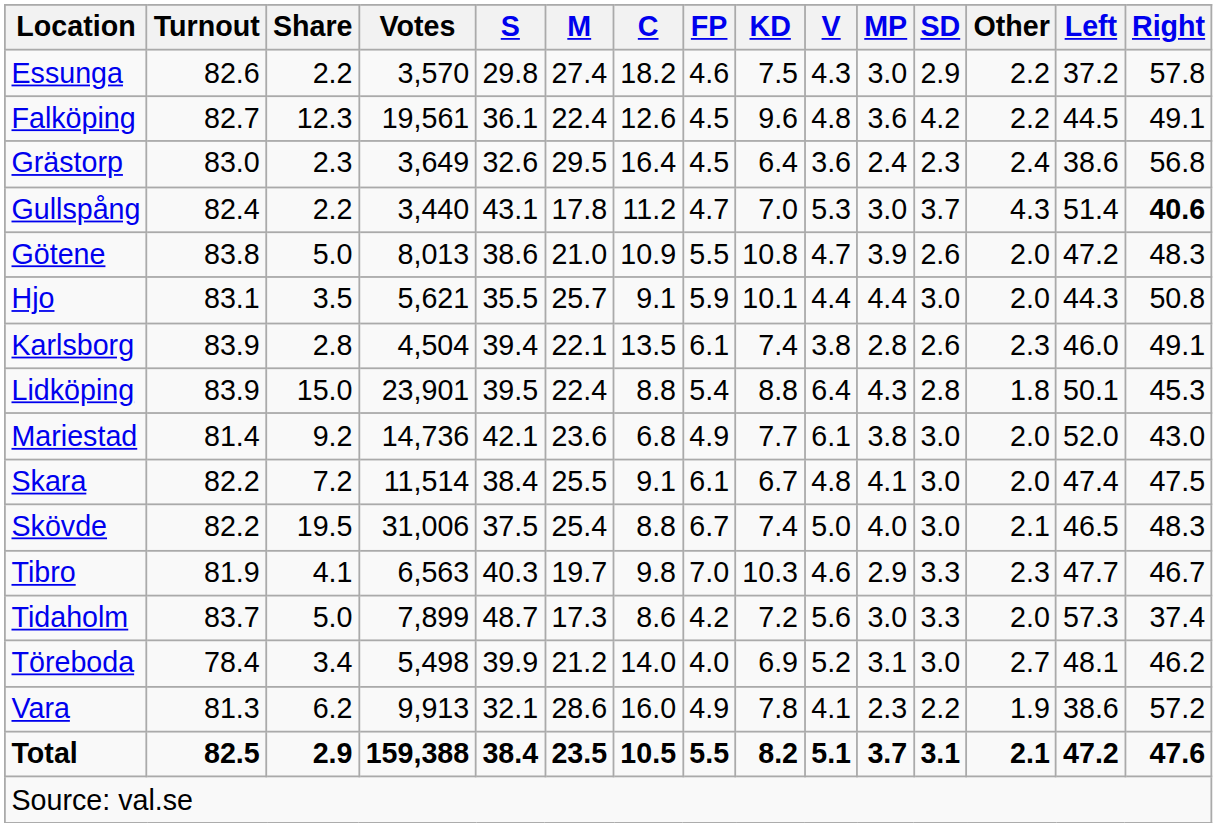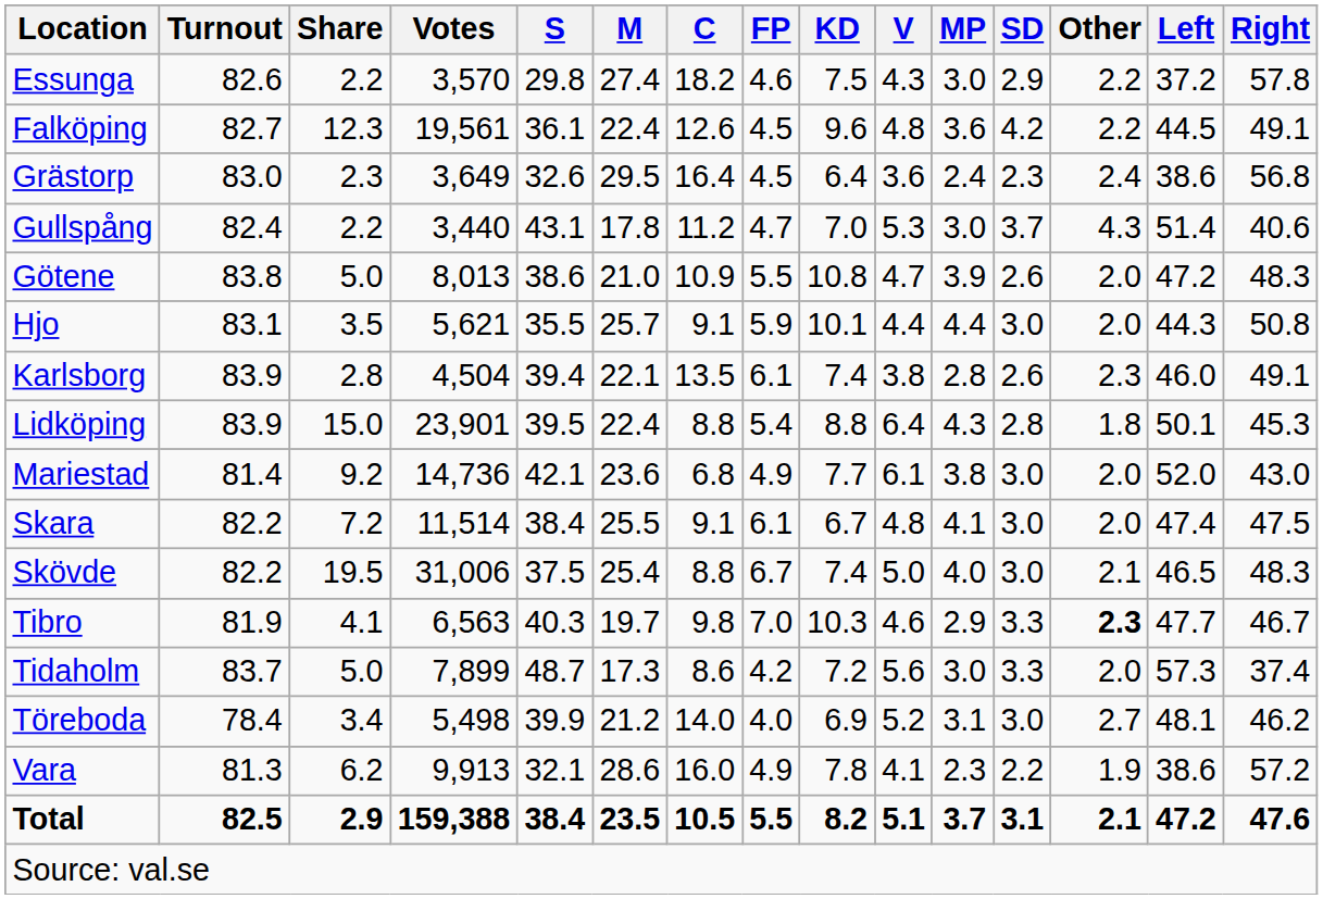 <table class="wikitable sortable" style=text-align:right>
 <tr>
 <th>Location</th>
 <th>Turnout</th>
 <th>Share</th>
 <th>Votes</th>
 <th><a href='#'>S</a></th>
 <th><a href='#'>M</a></th>
 <th><a href='#'>C</a></th>
 <th><a href='#'>FP</a></th>
 <th><a href='#'>KD</a></th>
 <th><a href='#'>V</a></th>
 <th><a href='#'>MP</a></th>
 <th><a href='#'>SD</a></th>
 <th>Other</th>
 <th><a href='#'>Left</a></th>
 <th><a href='#'>Right</a></th>
 </tr>
 <tr>
 <td align=left><a href='#'>Essunga</a></td>
 <td>82.6</td>
 <td>2.2</td>
 <td>3,570</td>
 <td>29.8</td>
 <td>27.4</td>
 <td>18.2</td>
 <td>4.6</td>
 <td>7.5</td>
 <td>4.3</td>
 <td>3.0</td>
 <td>2.9</td>
 <td>2.2</td>
 <td>37.2</td>
 <td>57.8</td>
 </tr>
 <tr>
 <td align=left><a href='#'>Falköping</a></td>
 <td>82.7</td>
 <td>12.3</td>
 <td>19,561</td>
 <td>36.1</td>
 <td>22.4</td>
 <td>12.6</td>
 <td>4.5</td>
 <td>9.6</td>
 <td>4.8</td>
 <td>3.6</td>
 <td>4.2</td>
 <td>2.2</td>
 <td>44.5</td>
 <td>49.1</td>
 </tr>
 <tr>
 <td align=left><a href='#'>Grästorp</a></td>
 <td>83.0</td>
 <td>2.3</td>
 <td>3,649</td>
 <td>32.6</td>
 <td>29.5</td>
 <td>16.4</td>
 <td>4.5</td>
 <td>6.4</td>
 <td>3.6</td>
 <td>2.4</td>
 <td>2.3</td>
 <td>2.4</td>
 <td>38.6</td>
 <td>56.8</td>
 </tr>
 <tr>
 <td align=left><a href='#'>Gullspång</a></td>
 <td>82.4</td>
 <td>2.2</td>
 <td>3,440</td>
 <td>43.1</td>
 <td>17.8</td>
 <td>11.2</td>
 <td>4.7</td>
 <td>7.0</td>
 <td>5.3</td>
 <td>3.0</td>
 <td>3.7</td>
 <td>4.3</td>
 <td>51.4</td>
-<td><strong>40.6</strong></td>
+<td>40.6</td>
 </tr>
 <tr>
 <td align=left><a href='#'>Götene</a></td>
 <td>83.8</td>
 <td>5.0</td>
 <td>8,013</td>
 <td>38.6</td>
 <td>21.0</td>
 <td>10.9</td>
 <td>5.5</td>
 <td>10.8</td>
 <td>4.7</td>
 <td>3.9</td>
 <td>2.6</td>
 <td>2.0</td>
 <td>47.2</td>
 <td>48.3</td>
 </tr>
 <tr>
 <td align=left><a href='#'>Hjo</a></td>
 <td>83.1</td>
 <td>3.5</td>
 <td>5,621</td>
 <td>35.5</td>
 <td>25.7</td>
 <td>9.1</td>
 <td>5.9</td>
 <td>10.1</td>
 <td>4.4</td>
 <td>4.4</td>
 <td>3.0</td>
 <td>2.0</td>
 <td>44.3</td>
 <td>50.8</td>
 </tr>
 <tr>
 <td align=left><a href='#'>Karlsborg</a></td>
 <td>83.9</td>
 <td>2.8</td>
 <td>4,504</td>
 <td>39.4</td>
 <td>22.1</td>
 <td>13.5</td>
 <td>6.1</td>
 <td>7.4</td>
 <td>3.8</td>
 <td>2.8</td>
 <td>2.6</td>
 <td>2.3</td>
 <td>46.0</td>
 <td>49.1</td>
 </tr>
 <tr>
 <td align=left><a href='#'>Lidköping</a></td>
 <td>83.9</td>
 <td>15.0</td>
 <td>23,901</td>
 <td>39.5</td>
 <td>22.4</td>
 <td>8.8</td>
 <td>5.4</td>
 <td>8.8</td>
 <td>6.4</td>
 <td>4.3</td>
 <td>2.8</td>
 <td>1.8</td>
 <td>50.1</td>
 <td>45.3</td>
 </tr>
 <tr>
 <td align=left><a href='#'>Mariestad</a></td>
 <td>81.4</td>
 <td>9.2</td>
 <td>14,736</td>
 <td>42.1</td>
 <td>23.6</td>
 <td>6.8</td>
 <td>4.9</td>
 <td>7.7</td>
 <td>6.1</td>
 <td>3.8</td>
 <td>3.0</td>
 <td>2.0</td>
 <td>52.0</td>
 <td>43.0</td>
 </tr>
 <tr>
 <td align=left><a href='#'>Skara</a></td>
 <td>82.2</td>
 <td>7.2</td>
 <td>11,514</td>
 <td>38.4</td>
 <td>25.5</td>
 <td>9.1</td>
 <td>6.1</td>
 <td>6.7</td>
 <td>4.8</td>
 <td>4.1</td>
 <td>3.0</td>
 <td>2.0</td>
 <td>47.4</td>
 <td>47.5</td>
 </tr>
 <tr>
 <td align=left><a href='#'>Skövde</a></td>
 <td>82.2</td>
 <td>19.5</td>
 <td>31,006</td>
 <td>37.5</td>
 <td>25.4</td>
 <td>8.8</td>
 <td>6.7</td>
 <td>7.4</td>
 <td>5.0</td>
 <td>4.0</td>
 <td>3.0</td>
 <td>2.1</td>
 <td>46.5</td>
 <td>48.3</td>
 </tr>
 <tr>
 <td align=left><a href='#'>Tibro</a></td>
 <td>81.9</td>
 <td>4.1</td>
 <td>6,563</td>
 <td>40.3</td>
 <td>19.7</td>
 <td>9.8</td>
 <td>7.0</td>
 <td>10.3</td>
 <td>4.6</td>
 <td>2.9</td>
 <td>3.3</td>
-<td>2.3</td>
+<td><strong>2.3</strong></td>
 <td>47.7</td>
 <td>46.7</td>
 </tr>
 <tr>
 <td align=left><a href='#'>Tidaholm</a></td>
 <td>83.7</td>
 <td>5.0</td>
 <td>7,899</td>
 <td>48.7</td>
 <td>17.3</td>
 <td>8.6</td>
 <td>4.2</td>
 <td>7.2</td>
 <td>5.6</td>
 <td>3.0</td>
 <td>3.3</td>
 <td>2.0</td>
 <td>57.3</td>
 <td>37.4</td>
 </tr>
 <tr>
 <td align=left><a href='#'>Töreboda</a></td>
 <td>78.4</td>
 <td>3.4</td>
 <td>5,498</td>
 <td>39.9</td>
 <td>21.2</td>
 <td>14.0</td>
 <td>4.0</td>
 <td>6.9</td>
 <td>5.2</td>
 <td>3.1</td>
 <td>3.0</td>
 <td>2.7</td>
 <td>48.1</td>
 <td>46.2</td>
 </tr>
 <tr>
 <td align=left><a href='#'>Vara</a></td>
 <td>81.3</td>
 <td>6.2</td>
 <td>9,913</td>
 <td>32.1</td>
 <td>28.6</td>
 <td>16.0</td>
 <td>4.9</td>
 <td>7.8</td>
 <td>4.1</td>
 <td>2.3</td>
 <td>2.2</td>
 <td>1.9</td>
 <td>38.6</td>
 <td>57.2</td>
 </tr>
 <tr>
 <td align=left><strong>Total</strong></td>
 <td><strong>82.5</strong></td>
 <td><strong>2.9</strong></td>
 <td><strong>159,388</strong></td>
 <td><strong>38.4</strong></td>
 <td><strong>23.5</strong></td>
 <td><strong>10.5</strong></td>
 <td><strong>5.5</strong></td>
 <td><strong>8.2</strong></td>
 <td><strong>5.1</strong></td>
 <td><strong>3.7</strong></td>
 <td><strong>3.1</strong></td>
 <td><strong>2.1</strong></td>
 <td><strong>47.2</strong></td>
 <td><strong>47.6</strong></td>
 </tr>
 <tr>
 <td align=left colspan=15>Source: val.se </td>
 </tr>
 </table>
